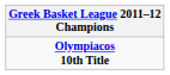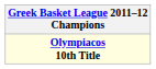 <table class="wikitable" style="text-align: center; margin: 0 auto">
 <tr>
 <th><a href='#'>Greek Basket League</a> 2011–12<br>Champions</th>
 </tr>
 <tr>
-<td><strong><a href='#'>Olympiacos</a></strong><br><strong>10th Title</strong></td>
+<td style="background: lightyellow;"><strong><a href='#'>Olympiacos</a></strong><br><strong>10th Title</strong></td>
 </tr>
 </table>
